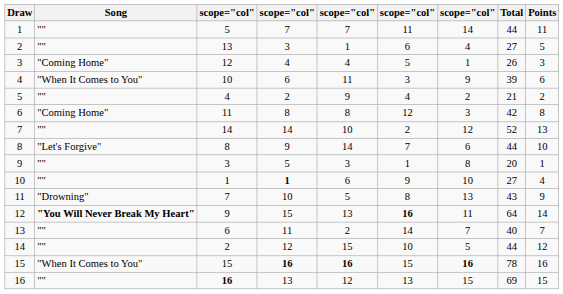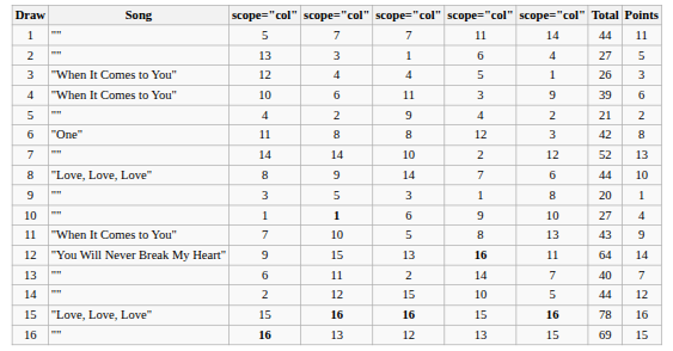 <table class="wikitable collapsible" style="margin: 1em auto 1em auto; text-align:center;">
 <tr>
 <th>Draw</th>
 <th>Song</th>
 <th>scope="col" </th>
 <th>scope="col" </th>
 <th>scope="col" </th>
 <th>scope="col" </th>
 <th>scope="col" </th>
 <th>Total</th>
 <th>Points</th>
 </tr>
 <tr>
 <td>1</td>
 <td align="left">""</td>
 <td>5</td>
 <td>7</td>
 <td>7</td>
 <td>11</td>
 <td>14</td>
 <td>44</td>
 <td>11</td>
 </tr>
 <tr>
 <td>2</td>
 <td align="left">""</td>
 <td>13</td>
 <td>3</td>
 <td>1</td>
 <td>6</td>
 <td>4</td>
 <td>27</td>
 <td>5</td>
 </tr>
 <tr>
 <td>3</td>
-<td align="left">"Coming Home"</td>
+<td align="left">"When It Comes to You"</td>
 <td>12</td>
 <td>4</td>
 <td>4</td>
 <td>5</td>
 <td>1</td>
 <td>26</td>
 <td>3</td>
 </tr>
 <tr>
 <td>4</td>
 <td align="left">"When It Comes to You"</td>
 <td>10</td>
 <td>6</td>
 <td>11</td>
 <td>3</td>
 <td>9</td>
 <td>39</td>
 <td>6</td>
 </tr>
 <tr>
 <td>5</td>
 <td align="left">""</td>
 <td>4</td>
 <td>2</td>
 <td>9</td>
 <td>4</td>
 <td>2</td>
 <td>21</td>
 <td>2</td>
 </tr>
 <tr>
 <td>6</td>
-<td align="left">"Coming Home"</td>
+<td align="left">"One"</td>
 <td>11</td>
 <td>8</td>
 <td>8</td>
 <td>12</td>
 <td>3</td>
 <td>42</td>
 <td>8</td>
 </tr>
 <tr>
 <td>7</td>
 <td align="left">""</td>
 <td>14</td>
 <td>14</td>
 <td>10</td>
 <td>2</td>
 <td>12</td>
 <td>52</td>
 <td>13</td>
 </tr>
 <tr>
 <td>8</td>
-<td align="left">"Let's Forgive"</td>
+<td align="left">"Love, Love, Love"</td>
 <td>8</td>
 <td>9</td>
 <td>14</td>
 <td>7</td>
 <td>6</td>
 <td>44</td>
 <td>10</td>
 </tr>
 <tr>
 <td>9</td>
 <td align="left">""</td>
 <td>3</td>
 <td>5</td>
 <td>3</td>
 <td>1</td>
 <td>8</td>
 <td>20</td>
 <td>1</td>
 </tr>
 <tr>
 <td>10</td>
 <td align="left">""</td>
 <td>1</td>
 <td><strong>1</strong></td>
 <td>6</td>
 <td>9</td>
 <td>10</td>
 <td>27</td>
 <td>4</td>
 </tr>
 <tr>
 <td>11</td>
-<td align="left">"Drowning"</td>
+<td align="left">"When It Comes to You"</td>
 <td>7</td>
 <td>10</td>
 <td>5</td>
 <td>8</td>
 <td>13</td>
 <td>43</td>
 <td>9</td>
 </tr>
 <tr>
 <td>12</td>
-<td align="left"><strong>"You Will Never Break My Heart"</strong></td>
+<td align="left">"You Will Never Break My Heart"</td>
 <td>9</td>
 <td>15</td>
 <td>13</td>
 <td><strong>16</strong></td>
 <td>11</td>
 <td>64</td>
 <td>14</td>
 </tr>
 <tr>
 <td>13</td>
 <td align="left">""</td>
 <td>6</td>
 <td>11</td>
 <td>2</td>
 <td>14</td>
 <td>7</td>
 <td>40</td>
 <td>7</td>
 </tr>
 <tr>
 <td>14</td>
 <td align="left">""</td>
 <td>2</td>
 <td>12</td>
 <td>15</td>
 <td>10</td>
 <td>5</td>
 <td>44</td>
 <td>12</td>
 </tr>
 <tr>
 <td>15</td>
-<td align="left">"When It Comes to You"</td>
+<td align="left">"Love, Love, Love"</td>
 <td>15</td>
 <td><strong>16</strong></td>
 <td><strong>16</strong></td>
 <td>15</td>
 <td><strong>16</strong></td>
 <td>78</td>
 <td>16</td>
 </tr>
 <tr>
 <td>16</td>
 <td align="left">""</td>
 <td><strong>16</strong></td>
 <td>13</td>
 <td>12</td>
 <td>13</td>
 <td>15</td>
 <td>69</td>
 <td>15</td>
 </tr>
 </table>
